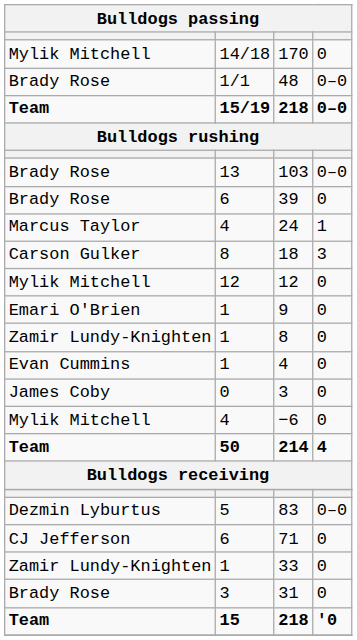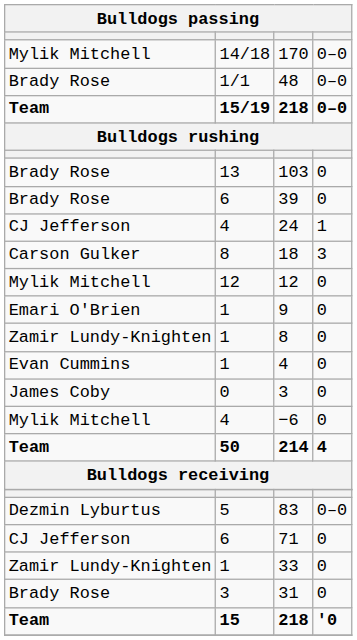 <table class="wikitable plainrowheaders">
 <tr>
 <th colspan="6">Bulldogs passing</th>
 </tr>
 <tr>
 <th scope="col"></th>
 <th scope="col"></th>
 <th scope="col"></th>
 <th scope="col"></th>
 </tr>
 <tr>
 <td>Mylik Mitchell</td>
 <td>14/18</td>
 <td>170</td>
-<td>0</td>
+<td>0–0</td>
 </tr>
 <tr>
 <td>Brady Rose</td>
 <td>1/1</td>
 <td>48</td>
 <td>0–0</td>
 </tr>
 <tr>
 <td><strong>Team</strong></td>
 <td><strong>15/19</strong></td>
 <td><strong>218</strong></td>
 <td><strong>0–0</strong></td>
 </tr>
 <tr>
 <th colspan="6">Bulldogs rushing</th>
 </tr>
 <tr>
 <th scope="col"></th>
 <th scope="col"></th>
 <th scope="col"></th>
 <th scope="col"></th>
 </tr>
 <tr>
 <td>Brady Rose</td>
 <td>13</td>
 <td>103</td>
-<td>0–0</td>
+<td>0</td>
 </tr>
 <tr>
 <td>Brady Rose</td>
 <td>6</td>
 <td>39</td>
 <td>0</td>
 </tr>
 <tr>
-<td>Marcus Taylor</td>
+<td>CJ Jefferson</td>
 <td>4</td>
 <td>24</td>
 <td>1</td>
 </tr>
 <tr>
 <td>Carson Gulker</td>
 <td>8</td>
 <td>18</td>
 <td>3</td>
 </tr>
 <tr>
 <td>Mylik Mitchell</td>
 <td>12</td>
 <td>12</td>
 <td>0</td>
 </tr>
 <tr>
 <td>Emari O'Brien</td>
 <td>1</td>
 <td>9</td>
 <td>0</td>
 </tr>
 <tr>
 <td>Zamir Lundy-Knighten</td>
 <td>1</td>
 <td>8</td>
 <td>0</td>
 </tr>
 <tr>
 <td>Evan Cummins</td>
 <td>1</td>
 <td>4</td>
 <td>0</td>
 </tr>
 <tr>
 <td>James Coby</td>
 <td>0</td>
 <td>3</td>
 <td>0</td>
 </tr>
 <tr>
 <td>Mylik Mitchell</td>
 <td>4</td>
 <td>−6</td>
 <td>0</td>
 </tr>
 <tr>
 <td><strong>Team</strong></td>
 <td><strong>50</strong></td>
 <td><strong>214</strong></td>
 <td><strong>4</strong></td>
 </tr>
 <tr>
 <th colspan="6">Bulldogs receiving</th>
 </tr>
 <tr>
 </tr>
 <tr>
 <th scope="col"></th>
 <th scope="col"></th>
 <th scope="col"></th>
 <th scope="col"></th>
 </tr>
 <tr>
 <td>Dezmin Lyburtus</td>
 <td>5</td>
 <td>83</td>
 <td>0–0</td>
 </tr>
 <tr>
 <td>CJ Jefferson</td>
 <td>6</td>
 <td>71</td>
 <td>0</td>
 </tr>
 <tr>
 <td>Zamir Lundy-Knighten</td>
 <td>1</td>
 <td>33</td>
 <td>0</td>
 </tr>
 <tr>
 <td>Brady Rose</td>
 <td>3</td>
 <td>31</td>
 <td>0</td>
 </tr>
 <tr>
 <td><strong>Team</strong></td>
 <td><strong>15</strong></td>
 <td><strong>218</strong></td>
 <td><strong>'0</strong></td>
 </tr>
 <tr>
 </tr>
 </table>
